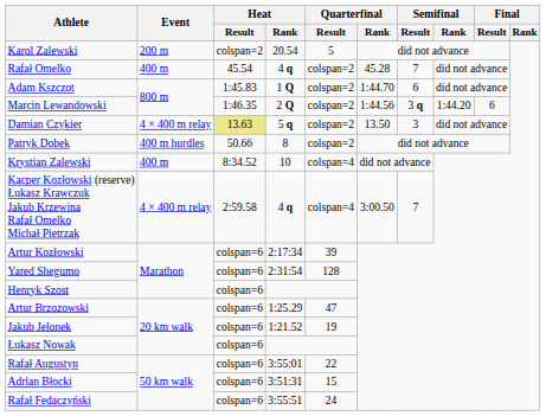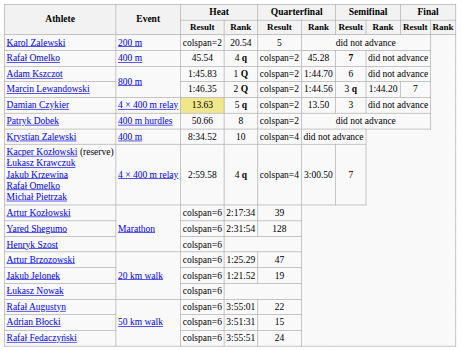 <table class="wikitable" style="font-size:90%">
 <tr>
 <th rowspan="2">Athlete</th>
 <th rowspan="2">Event</th>
 <th colspan="2">Heat</th>
 <th colspan="2">Quarterfinal</th>
 <th colspan="2">Semifinal</th>
 <th colspan="2">Final</th>
 </tr>
 <tr style="font-size:95%">
 <th>Result</th>
 <th>Rank</th>
 <th>Result</th>
 <th>Rank</th>
 <th>Result</th>
 <th>Rank</th>
 <th>Result</th>
 <th>Rank</th>
 </tr>
 <tr align=center>
 <td align=left><a href='#'>Karol Zalewski</a></td>
 <td align=left><a href='#'>200 m</a></td>
 <td>colspan=2 </td>
 <td>20.54</td>
 <td>5</td>
 <td colspan=4>did not advance</td>
 </tr>
 <tr align=center>
 <td align=left><a href='#'>Rafał Omelko</a></td>
 <td align=left><a href='#'>400 m</a></td>
 <td>45.54</td>
 <td>4 <strong>q</strong></td>
 <td>colspan=2 </td>
 <td>45.28</td>
-<td>7</td>
+<td><strong>7</strong></td>
 <td colspan=2>did not advance</td>
 </tr>
 <tr align=center>
 <td align=left><a href='#'>Adam Kszczot</a></td>
 <td align=left rowspan=2><a href='#'>800 m</a></td>
 <td>1:45.83</td>
 <td>1 <strong>Q</strong></td>
 <td>colspan=2 </td>
 <td>1:44.70</td>
 <td>6</td>
 <td colspan=2>did not advance</td>
 </tr>
 <tr align=center>
 <td align=left><a href='#'>Marcin Lewandowski</a></td>
 <td>1:46.35</td>
 <td>2 <strong>Q</strong></td>
 <td>colspan=2 </td>
 <td>1:44.56</td>
 <td>3 <strong>q</strong></td>
 <td>1:44.20</td>
-<td>6</td>
+<td>7</td>
 </tr>
 <tr align=center>
 <td align=left><a href='#'>Damian Czykier</a></td>
 <td align=left><a href='#'>4 × 400 m relay</a></td>
 <td style="background: khaki;">13.63</td>
 <td>5 <strong>q</strong></td>
 <td>colspan=2 </td>
 <td>13.50</td>
 <td>3</td>
 <td colspan=2>did not advance</td>
 </tr>
 <tr align=center>
 <td align=left><a href='#'>Patryk Dobek</a></td>
 <td align=left><a href='#'>400 m hurdles</a></td>
 <td>50.66</td>
 <td>8</td>
 <td>colspan=2 </td>
 <td colspan=4>did not advance</td>
 </tr>
 <tr align=center>
 <td align=left><a href='#'>Krystian Zalewski</a></td>
 <td align=left><a href='#'>400 m</a></td>
 <td>8:34.52</td>
 <td>10</td>
 <td>colspan=4 </td>
 <td colspan=2>did not advance</td>
 </tr>
 <tr align="center">
 <td align=left><a href='#'>Kacper Kozłowski</a> (reserve)<br><a href='#'>Łukasz Krawczuk</a><br><a href='#'>Jakub Krzewina</a><br><a href='#'>Rafał Omelko</a><br><a href='#'>Michał Pietrzak</a></td>
 <td align=left><a href='#'>4 × 400 m relay</a></td>
 <td>2:59.58</td>
 <td>4 <strong>q</strong></td>
 <td>colspan=4 </td>
 <td>3:00.50</td>
 <td>7</td>
 </tr>
 <tr align=center>
 <td align=left><a href='#'>Artur Kozłowski</a></td>
 <td align=left rowspan=3><a href='#'>Marathon</a></td>
 <td>colspan=6 </td>
 <td>2:17:34</td>
 <td>39</td>
 </tr>
 <tr align=center>
 <td align=left><a href='#'>Yared Shegumo</a></td>
 <td>colspan=6 </td>
 <td>2:31:54</td>
 <td>128</td>
 </tr>
 <tr align=center>
 <td align=left><a href='#'>Henryk Szost</a></td>
 <td>colspan=6 </td>
 <td colspan=2></td>
 </tr>
 <tr align=center>
 <td align=left><a href='#'>Artur Brzozowski</a></td>
 <td align=left rowspan=3><a href='#'>20 km walk</a></td>
 <td>colspan=6 </td>
 <td>1:25.29</td>
 <td>47</td>
 </tr>
 <tr align=center>
 <td align=left><a href='#'>Jakub Jelonek</a></td>
 <td>colspan=6 </td>
 <td>1:21.52</td>
 <td>19</td>
 </tr>
 <tr align=center>
 <td align=left><a href='#'>Łukasz Nowak</a></td>
 <td>colspan=6 </td>
 <td colspan=2></td>
 </tr>
 <tr align=center>
 <td align=left><a href='#'>Rafał Augustyn</a></td>
 <td align=left rowspan=3><a href='#'>50 km walk</a></td>
 <td>colspan=6 </td>
 <td>3:55:01</td>
 <td>22</td>
 </tr>
 <tr align=center>
 <td align=left><a href='#'>Adrian Błocki</a></td>
 <td>colspan=6 </td>
 <td>3:51:31</td>
 <td>15</td>
 </tr>
 <tr align=center>
 <td align=left><a href='#'>Rafał Fedaczyński</a></td>
 <td>colspan=6 </td>
 <td>3:55:51</td>
 <td>24</td>
 </tr>
 </table>
